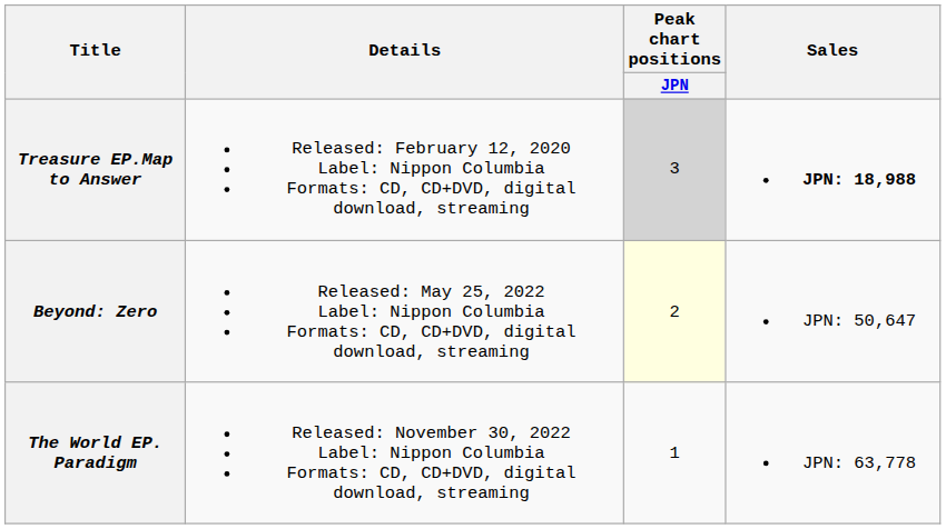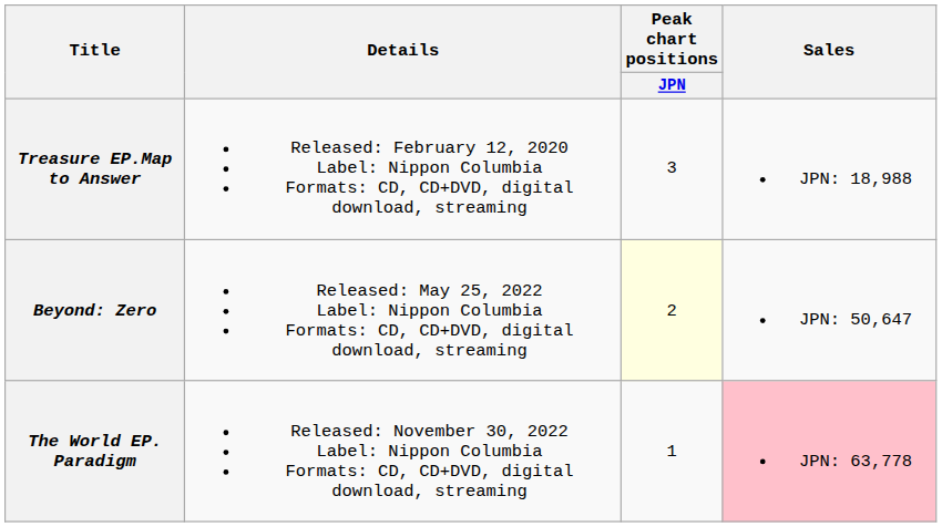 <table class="wikitable plainrowheaders" style="text-align:center;">
 <tr>
 <th scope="col" rowspan="2" style="width:10em;">Title</th>
 <th scope="col" rowspan="2" style="width:25em;">Details</th>
 <th scope="col" colspan="1">Peak chart positions</th>
 <th scope="col" rowspan="2" style="width:12em;">Sales</th>
 </tr>
 <tr>
 <th scope="col" style="width:3em;font-size:90%;"><a href='#'>JPN</a><br></th>
 </tr>
 <tr>
 <th scope="row"><em>Treasure EP.Map to Answer</em></th>
 <td><br><ul><li>Released: February 12, 2020</li><li>Label: Nippon Columbia</li><li>Formats: CD, CD+DVD, digital download, streaming</li></ul></td>
-<td style="background: lightgrey;">3</td>
-<td><strong><br><ul><li>JPN: 18,988 </li></ul></strong></td>
+<td>3</td>
+<td><br><ul><li>JPN: 18,988 </li></ul></td>
 </tr>
 <tr>
 <th scope="row"><em>Beyond: Zero</em></th>
 <td><br><ul><li>Released: May 25, 2022</li><li>Label: Nippon Columbia</li><li>Formats: CD, CD+DVD, digital download, streaming</li></ul></td>
 <td style="background: lightyellow;">2</td>
 <td><br><ul><li>JPN: 50,647 </li></ul></td>
 </tr>
 <tr>
 <th scope="row"><em>The World EP. Paradigm</em></th>
 <td><br><ul><li>Released: November 30, 2022</li><li>Label: Nippon Columbia</li><li>Formats: CD, CD+DVD, digital download, streaming</li></ul></td>
 <td>1</td>
-<td><br><ul><li>JPN: 63,778 </li></ul></td>
+<td style="background: pink;"><br><ul><li>JPN: 63,778 </li></ul></td>
 </tr>
 </table>
